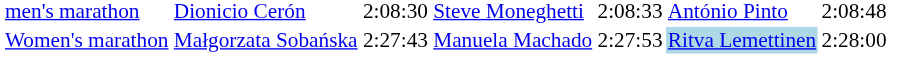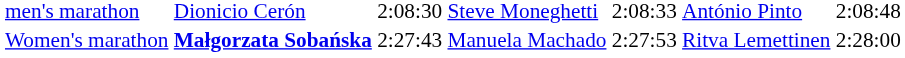 <table>
 <tr>
 <td><a href='#'>men's marathon</a></td>
 <td> <a href='#'>Dionicio Cerón</a></td>
 <td>2:08:30</td>
 <td> <a href='#'>Steve Moneghetti</a></td>
 <td>2:08:33</td>
 <td> <a href='#'>António Pinto</a></td>
 <td>2:08:48</td>
 </tr>
 <tr>
 <td><a href='#'>Women's marathon</a></td>
-<td> <a href='#'>Małgorzata Sobańska</a></td>
+<td><strong> <a href='#'>Małgorzata Sobańska</a></strong></td>
 <td>2:27:43</td>
 <td> <a href='#'>Manuela Machado</a></td>
 <td>2:27:53</td>
-<td style="background: lightblue;"> <a href='#'>Ritva Lemettinen</a></td>
+<td> <a href='#'>Ritva Lemettinen</a></td>
 <td>2:28:00</td>
 </tr>
 </table>
